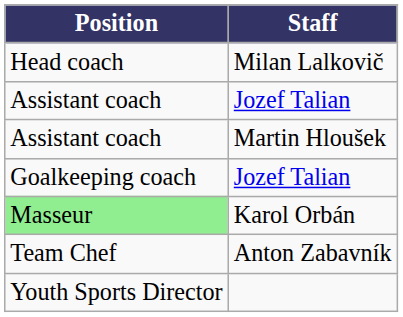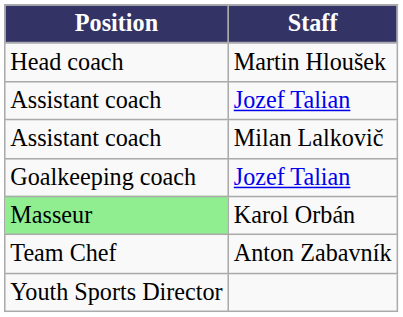 <table class=wikitable>
 <tr>
 <th style="color:white; background:#333366;">Position</th>
 <th style="color:white; background:#333366;">Staff</th>
 </tr>
 <tr>
 <td>Head coach</td>
-<td> Milan Lalkovič</td>
+<td> Martin Hloušek</td>
 </tr>
 <tr>
 <td>Assistant coach</td>
 <td> <a href='#'>Jozef Talian</a></td>
 </tr>
 <tr>
 <td>Assistant coach</td>
-<td> Martin Hloušek</td>
+<td> Milan Lalkovič</td>
 </tr>
 <tr>
 <td>Goalkeeping coach</td>
 <td> <a href='#'>Jozef Talian</a></td>
 </tr>
 <tr>
 <td style="background: lightgreen;">Masseur</td>
 <td> Karol Orbán</td>
 </tr>
 <tr>
 <td>Team Chef</td>
 <td> Anton Zabavník</td>
 </tr>
 <tr>
 <td>Youth Sports Director</td>
 <td></td>
 </tr>
 </table>
